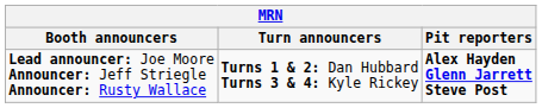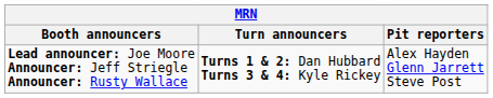 <table class="wikitable" style="font-size: 95%">
 <tr>
 <th colspan="3"><a href='#'>MRN</a></th>
 </tr>
 <tr>
 <th>Booth announcers</th>
 <th>Turn announcers</th>
 <th>Pit reporters</th>
 </tr>
 <tr>
 <td><strong>Lead announcer:</strong> Joe Moore<br><strong>Announcer:</strong> Jeff Striegle<br><strong>Announcer:</strong> <a href='#'>Rusty Wallace</a></td>
 <td><strong>Turns 1 & 2:</strong> Dan Hubbard<br><strong>Turns 3 & 4:</strong> Kyle Rickey</td>
-<td><strong>Alex Hayden<br><a href='#'>Glenn Jarrett</a><br>Steve Post<br></strong></td>
+<td>Alex Hayden<br><a href='#'>Glenn Jarrett</a><br>Steve Post<br></td>
 </tr>
 </table>
